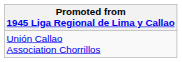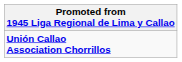 <table class="wikitable">
 <tr>
 <th>Promoted from<br><a href='#'>1945 Liga Regional de Lima y Callao</a></th>
 </tr>
 <tr>
-<td> <a href='#'>Unión Callao</a> <br> <a href='#'>Association Chorrillos</a> </td>
+<td><strong> <a href='#'>Unión Callao</a> <br> <a href='#'>Association Chorrillos</a> </strong></td>
 </tr>
 </table>
